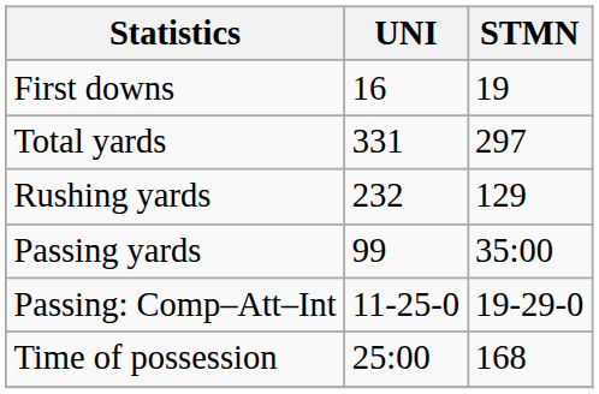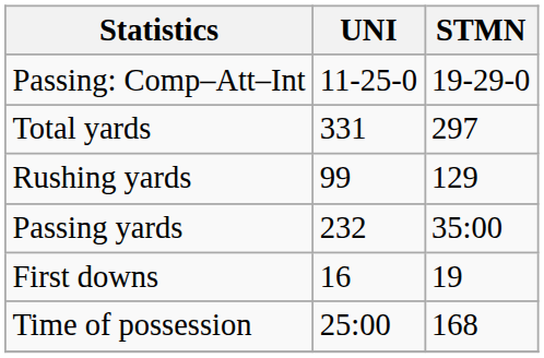 <table class="wikitable" style="float: left;">
 <tr>
 <th>Statistics</th>
 <th>UNI</th>
 <th>STMN</th>
 </tr>
 <tr>
-<td>First downs</td>
-<td>16</td>
-<td>19</td>
+<td>Passing: Comp–Att–Int</td>
+<td>11-25-0</td>
+<td>19-29-0</td>
 </tr>
 <tr>
 <td>Total yards</td>
 <td>331</td>
 <td>297</td>
 </tr>
 <tr>
 <td>Rushing yards</td>
-<td>232</td>
+<td>99</td>
 <td>129</td>
 </tr>
 <tr>
 <td>Passing yards</td>
-<td>99</td>
+<td>232</td>
 <td>35:00</td>
 </tr>
 <tr>
-<td>Passing: Comp–Att–Int</td>
-<td>11-25-0</td>
-<td>19-29-0</td>
+<td>First downs</td>
+<td>16</td>
+<td>19</td>
 </tr>
 <tr>
 <td>Time of possession</td>
 <td>25:00</td>
 <td>168</td>
 </tr>
 <tr>
 </tr>
 </table>
